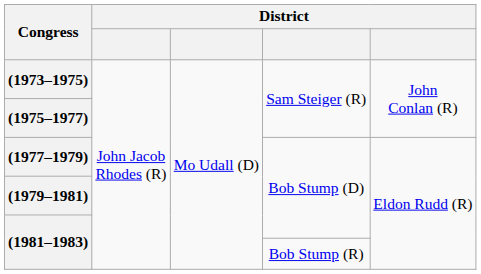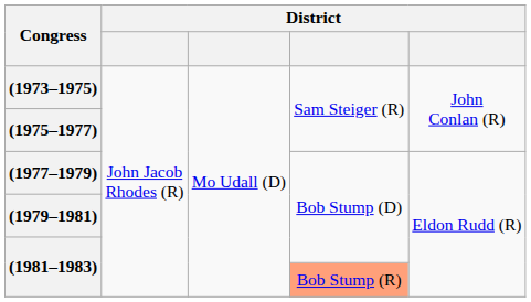 <table class=wikitable style="text-align:center">
 <tr>
 <th scope="col" rowspan=2>Congress</th>
 <th scope="colgroup" colspan=4>District</th>
 </tr>
 <tr style="height:2em">
 <th scope="col"></th>
 <th scope="col"></th>
 <th scope="col"></th>
 <th scope="col"></th>
 </tr>
 <tr style="height:2.5em">
 <th scope="row"> (1973–1975)</th>
 <td rowspan=6 ><a href='#'>John Jacob<br>Rhodes</a> (R)</td>
 <td rowspan=6 ><a href='#'>Mo Udall</a> (D)</td>
 <td rowspan=2 ><a href='#'>Sam Steiger</a> (R)</td>
 <td rowspan=2 ><a href='#'>John<br>Conlan</a> (R)</td>
 </tr>
 <tr style="height:2.5em">
 <th scope="row"> (1975–1977)</th>
 </tr>
 <tr style="height:2.5em">
 <th scope="row"> (1977–1979)</th>
 <td rowspan=3 ><a href='#'>Bob Stump</a> (D)</td>
 <td rowspan=4 ><a href='#'>Eldon Rudd</a> (R)</td>
 </tr>
 <tr style="height:2.5em">
 <th scope="row"> (1979–1981)</th>
 </tr>
 <tr style="height:1.5em">
 <th scope="row" rowspan=2> (1981–1983)</th>
 </tr>
 <tr style="height:2em">
-<td><a href='#'>Bob Stump</a> (R)</td>
+<td style="background: lightsalmon;"><a href='#'>Bob Stump</a> (R)</td>
 </tr>
 </table>
